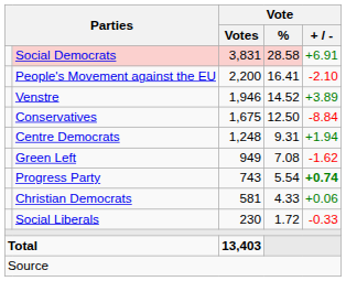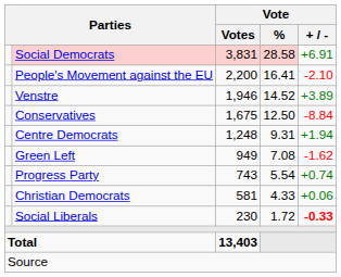 <table class="wikitable" style="text-align:right;">
 <tr>
 <th style="text-align:centre;" rowspan="2" colspan="2" width="225">Parties</th>
 <th colspan="3">Vote</th>
 </tr>
 <tr>
 <th width="15">Votes</th>
 <th width="15">%</th>
 <th width="15">+ / -</th>
 </tr>
 <tr>
 <td width="2" style="color:inherit;background:"></td>
 <td bgcolor=#fbd0ce   align="left"><a href='#'>Social Democrats</a></td>
 <td bgcolor=#fbd0ce>3,831</td>
 <td bgcolor=#fbd0ce>28.58</td>
 <td style=color:green;>+6.91</td>
 </tr>
 <tr>
 <td width="2" style="color:inherit;background:"></td>
 <td align="left"><a href='#'>People's Movement against the EU</a></td>
 <td>2,200</td>
 <td>16.41</td>
 <td style=color:red;>-2.10</td>
 </tr>
 <tr>
 <td width="2" style="color:inherit;background:"></td>
 <td align="left"><a href='#'>Venstre</a></td>
 <td>1,946</td>
 <td>14.52</td>
 <td style=color:green;>+3.89</td>
 </tr>
 <tr>
 <td width="2" style="color:inherit;background:"></td>
 <td align="left"><a href='#'>Conservatives</a></td>
 <td>1,675</td>
 <td>12.50</td>
 <td style=color:red;>-8.84</td>
 </tr>
 <tr>
 <td width="2" style="color:inherit;background:"></td>
 <td align="left"><a href='#'>Centre Democrats</a></td>
 <td>1,248</td>
 <td>9.31</td>
 <td style=color:green;>+1.94</td>
 </tr>
 <tr>
 <td width="2" style="color:inherit;background:"></td>
 <td align="left"><a href='#'>Green Left</a></td>
 <td>949</td>
 <td>7.08</td>
 <td style=color:red;>-1.62</td>
 </tr>
 <tr>
 <td width="2" style="color:inherit;background:"></td>
 <td align="left"><a href='#'>Progress Party</a></td>
 <td>743</td>
 <td>5.54</td>
-<td style=color:green;><strong>+0.74</strong></td>
+<td style=color:green;>+0.74</td>
 </tr>
 <tr>
 <td width="2" style="color:inherit;background:"></td>
 <td align="left"><a href='#'>Christian Democrats</a></td>
 <td>581</td>
 <td>4.33</td>
 <td style=color:green;>+0.06</td>
 </tr>
 <tr>
 <td width="2" style="color:inherit;background:"></td>
 <td align="left"><a href='#'>Social Liberals</a></td>
 <td>230</td>
 <td>1.72</td>
-<td style=color:red;>-0.33</td>
+<td style=color:red;><strong>-0.33</strong></td>
 </tr>
 <tr>
 <td colspan="7" bgcolor="#E9E9E9"></td>
 </tr>
 <tr>
 <td align="left" colspan="2"><strong>Total</strong></td>
 <td><strong>13,403</strong></td>
 <td bgcolor="#E9E9E9" colspan="2"></td>
 </tr>
 <tr>
 <td align="left" colspan="6">Source</td>
 </tr>
 </table>
